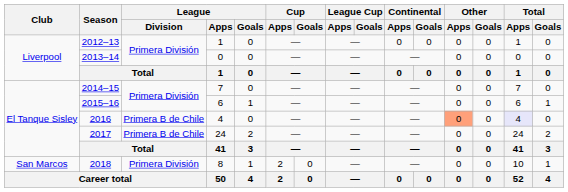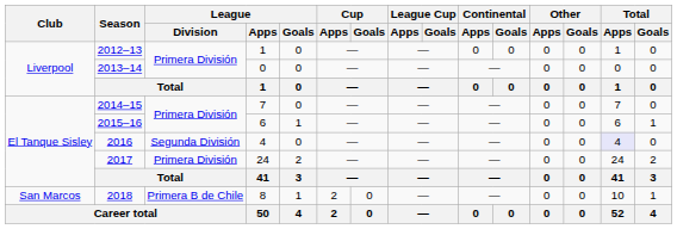 <table class="wikitable" style="text-align:center">
 <tr>
 <th rowspan="2">Club</th>
 <th rowspan="2">Season</th>
 <th colspan="3">League</th>
 <th colspan="2">Cup</th>
 <th colspan="2">League Cup</th>
 <th colspan="2">Continental</th>
 <th colspan="2">Other</th>
 <th colspan="2">Total</th>
 </tr>
 <tr>
 <th>Division</th>
 <th>Apps</th>
 <th>Goals</th>
 <th>Apps</th>
 <th>Goals</th>
 <th>Apps</th>
 <th>Goals</th>
 <th>Apps</th>
 <th>Goals</th>
 <th>Apps</th>
 <th>Goals</th>
 <th>Apps</th>
 <th>Goals</th>
 </tr>
 <tr>
 <td rowspan="3"><a href='#'>Liverpool</a></td>
 <td><a href='#'>2012–13</a></td>
 <td rowspan="2"><a href='#'>Primera División</a></td>
 <td>1</td>
 <td>0</td>
 <td colspan="2">—</td>
 <td colspan="2">—</td>
 <td>0</td>
 <td>0</td>
 <td>0</td>
 <td>0</td>
 <td>1</td>
 <td>0</td>
 </tr>
 <tr>
 <td><a href='#'>2013–14</a></td>
 <td>0</td>
 <td>0</td>
 <td colspan="2">—</td>
 <td colspan="2">—</td>
 <td colspan="2">—</td>
 <td>0</td>
 <td>0</td>
 <td>0</td>
 <td>0</td>
 </tr>
 <tr>
 <th colspan="2">Total</th>
 <th>1</th>
 <th>0</th>
 <th colspan="2">—</th>
 <th colspan="2">—</th>
 <th>0</th>
 <th>0</th>
 <th>0</th>
 <th>0</th>
 <th>1</th>
 <th>0</th>
 </tr>
 <tr>
 <td rowspan="5"><a href='#'>El Tanque Sisley</a></td>
 <td><a href='#'>2014–15</a></td>
 <td rowspan="2"><a href='#'>Primera División</a></td>
 <td>7</td>
 <td>0</td>
 <td colspan="2">—</td>
 <td colspan="2">—</td>
 <td colspan="2">—</td>
 <td>0</td>
 <td>0</td>
 <td>7</td>
 <td>0</td>
 </tr>
 <tr>
 <td><a href='#'>2015–16</a></td>
 <td>6</td>
 <td>1</td>
 <td colspan="2">—</td>
 <td colspan="2">—</td>
 <td colspan="2">—</td>
 <td>0</td>
 <td>0</td>
 <td>6</td>
 <td>1</td>
 </tr>
 <tr>
 <td><a href='#'>2016</a></td>
-<td rowspan="1"><a href='#'>Primera B de Chile</a></td>
+<td rowspan="1"><a href='#'>Segunda División</a></td>
 <td>4</td>
 <td>0</td>
 <td colspan="2">—</td>
 <td colspan="2">—</td>
 <td colspan="2">—</td>
-<td style="background: lightsalmon;">0</td>
+<td>0</td>
 <td>0</td>
 <td style="background: lavender;">4</td>
 <td>0</td>
 </tr>
 <tr>
 <td><a href='#'>2017</a></td>
-<td rowspan="1"><a href='#'>Primera B de Chile</a></td>
+<td rowspan="1"><a href='#'>Primera División</a></td>
 <td>24</td>
 <td>2</td>
 <td colspan="2">—</td>
 <td colspan="2">—</td>
 <td colspan="2">—</td>
 <td>0</td>
 <td>0</td>
 <td>24</td>
 <td>2</td>
 </tr>
 <tr>
 <th colspan="2">Total</th>
 <th>41</th>
 <th>3</th>
 <th colspan="2">—</th>
 <th colspan="2">—</th>
 <th colspan="2">—</th>
 <th>0</th>
 <th>0</th>
 <th>41</th>
 <th>3</th>
 </tr>
 <tr>
 <td rowspan="1"><a href='#'>San Marcos</a></td>
 <td><a href='#'>2018</a></td>
-<td rowspan="1"><a href='#'>Primera División</a></td>
+<td rowspan="1"><a href='#'>Primera B de Chile</a></td>
 <td>8</td>
 <td>1</td>
 <td>2</td>
 <td>0</td>
 <td colspan="2">—</td>
 <td colspan="2">—</td>
 <td>0</td>
 <td>0</td>
 <td>10</td>
 <td>1</td>
 </tr>
 <tr>
 <th colspan="3">Career total</th>
 <th>50</th>
 <th>4</th>
 <th>2</th>
 <th>0</th>
 <th colspan="2">—</th>
 <th>0</th>
 <th>0</th>
 <th>0</th>
 <th>0</th>
 <th>52</th>
 <th>4</th>
 </tr>
 </table>
